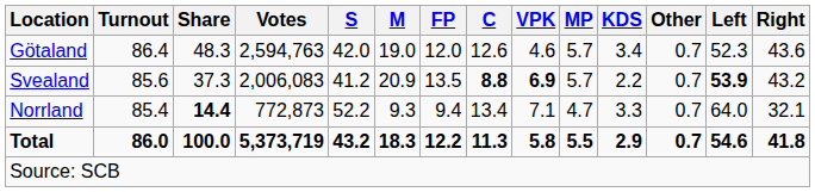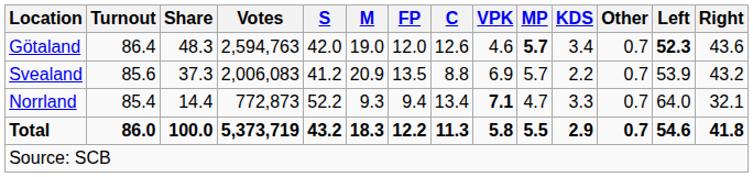 <table class="wikitable sortable" style=text-align:right>
 <tr>
 <th>Location</th>
 <th>Turnout</th>
 <th>Share</th>
 <th>Votes</th>
 <th><a href='#'>S</a></th>
 <th><a href='#'>M</a></th>
 <th><a href='#'>FP</a></th>
 <th><a href='#'>C</a></th>
 <th><a href='#'>VPK</a></th>
 <th><a href='#'>MP</a></th>
 <th><a href='#'>KDS</a></th>
 <th>Other</th>
 <th>Left</th>
 <th>Right</th>
 </tr>
 <tr>
 <td align=left><a href='#'>Götaland</a></td>
 <td>86.4</td>
 <td>48.3</td>
 <td>2,594,763</td>
 <td>42.0</td>
 <td>19.0</td>
 <td>12.0</td>
 <td>12.6</td>
 <td>4.6</td>
-<td>5.7</td>
+<td><strong>5.7</strong></td>
 <td>3.4</td>
 <td>0.7</td>
-<td>52.3</td>
+<td><strong>52.3</strong></td>
 <td>43.6</td>
 </tr>
 <tr>
 <td align=left><a href='#'>Svealand</a></td>
 <td>85.6</td>
 <td>37.3</td>
 <td>2,006,083</td>
 <td>41.2</td>
 <td>20.9</td>
 <td>13.5</td>
-<td><strong>8.8</strong></td>
-<td><strong>6.9</strong></td>
+<td>8.8</td>
+<td>6.9</td>
 <td>5.7</td>
 <td>2.2</td>
 <td>0.7</td>
-<td><strong>53.9</strong></td>
+<td>53.9</td>
 <td>43.2</td>
 </tr>
 <tr>
 <td align=left><a href='#'>Norrland</a></td>
 <td>85.4</td>
-<td><strong>14.4</strong></td>
+<td>14.4</td>
 <td>772,873</td>
 <td>52.2</td>
 <td>9.3</td>
 <td>9.4</td>
 <td>13.4</td>
-<td>7.1</td>
+<td><strong>7.1</strong></td>
 <td>4.7</td>
 <td>3.3</td>
 <td>0.7</td>
 <td>64.0</td>
 <td>32.1</td>
 </tr>
 <tr>
 <td align=left><strong>Total</strong></td>
 <td><strong>86.0</strong></td>
 <td><strong>100.0</strong></td>
 <td><strong>5,373,719</strong></td>
 <td><strong>43.2</strong></td>
 <td><strong>18.3</strong></td>
 <td><strong>12.2</strong></td>
 <td><strong>11.3</strong></td>
 <td><strong>5.8</strong></td>
 <td><strong>5.5</strong></td>
 <td><strong>2.9</strong></td>
 <td><strong>0.7</strong></td>
 <td><strong>54.6</strong></td>
 <td><strong>41.8</strong></td>
 </tr>
 <tr>
 <td align=left colspan=14>Source: SCB </td>
 </tr>
 </table>
